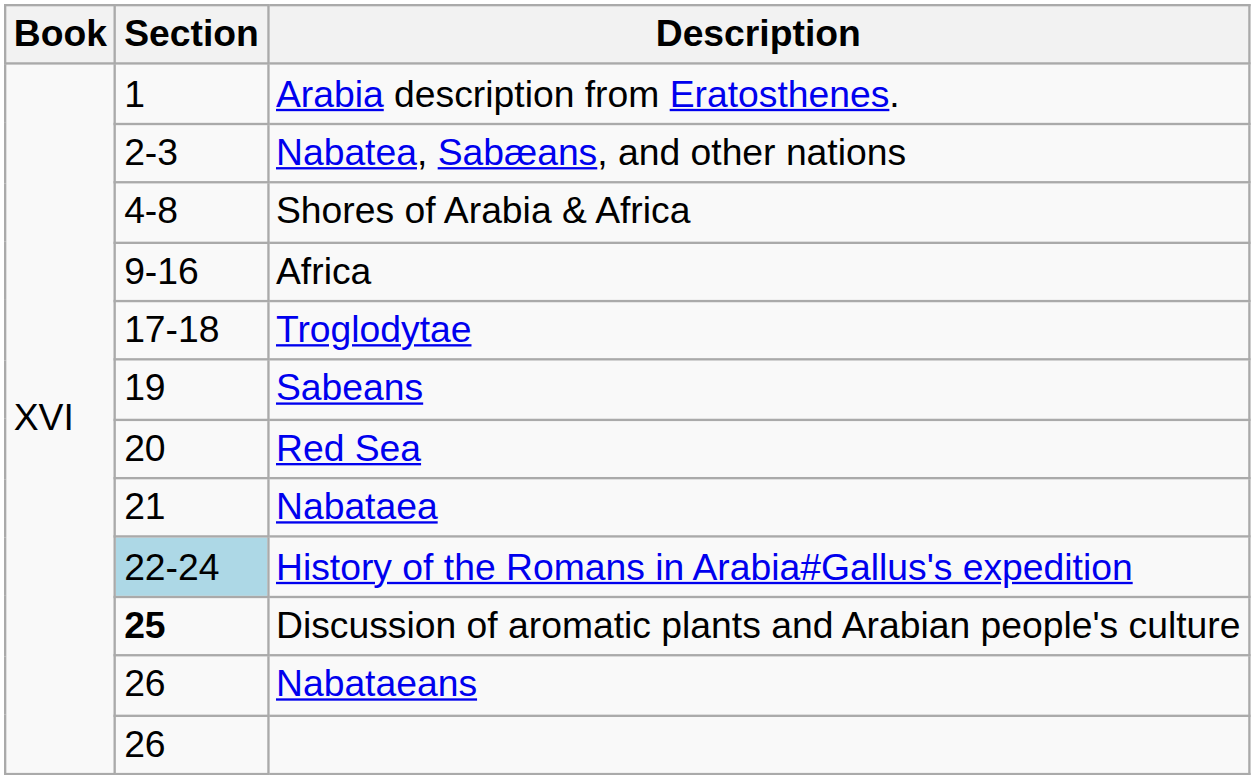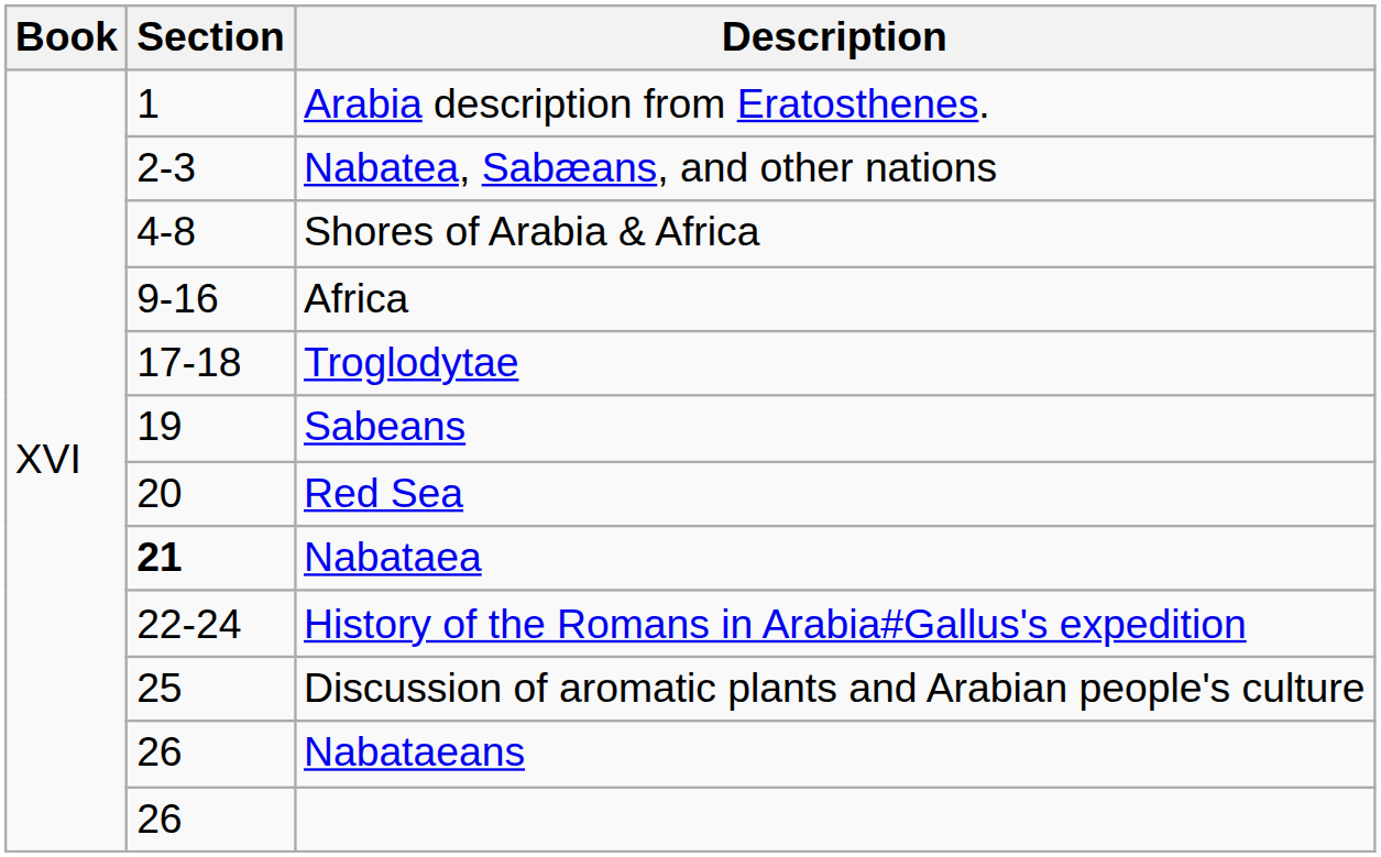 <table class="wikitable" style="max-width:45em;">
 <tr>
 <th>Book</th>
 <th>Section</th>
 <th>Description</th>
 </tr>
 <tr>
 <td rowspan="40">XVI</td>
 <td>1</td>
 <td><a href='#'>Arabia</a> description from <a href='#'>Eratosthenes</a>.</td>
 </tr>
 <tr>
 <td>2-3</td>
 <td><a href='#'>Nabatea</a>, <a href='#'>Sabæans</a>, and other nations</td>
 </tr>
 <tr>
 <td>4-8</td>
 <td>Shores of Arabia & Africa</td>
 </tr>
 <tr>
 <td>9-16</td>
 <td>Africa</td>
 </tr>
 <tr>
 <td>17-18</td>
 <td><a href='#'>Troglodytae</a></td>
 </tr>
 <tr>
 <td>19</td>
 <td><a href='#'>Sabeans</a></td>
 </tr>
 <tr>
 <td>20</td>
 <td><a href='#'>Red Sea</a></td>
 </tr>
 <tr>
-<td>21</td>
+<td><strong>21</strong></td>
 <td><a href='#'>Nabataea</a></td>
 </tr>
 <tr>
-<td style="background: lightblue;">22-24</td>
+<td>22-24</td>
 <td><a href='#'>History of the Romans in Arabia#Gallus's expedition</a></td>
 </tr>
 <tr>
-<td><strong>25</strong></td>
+<td>25</td>
 <td>Discussion of aromatic plants and Arabian people's culture</td>
 </tr>
 <tr>
 <td>26</td>
 <td><a href='#'>Nabataeans</a></td>
 </tr>
 <tr>
 <td>26</td>
 <td></td>
 </tr>
 </table>
